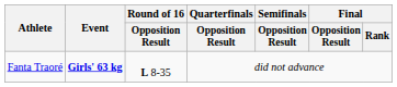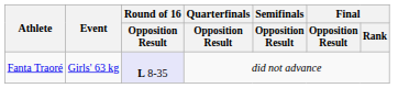 <table class="wikitable" style="font-size:90%;">
 <tr>
 <th rowspan=2>Athlete</th>
 <th rowspan=2>Event</th>
 <th>Round of 16</th>
 <th>Quarterfinals</th>
 <th>Semifinals</th>
 <th colspan=2>Final</th>
 </tr>
 <tr style="font-size:95%">
 <th>Opposition<br>Result</th>
 <th>Opposition<br>Result</th>
 <th>Opposition<br>Result</th>
 <th>Opposition<br>Result</th>
 <th>Rank</th>
 </tr>
 <tr align=center>
 <td align=left><a href='#'>Fanta Traoré</a></td>
-<td align=left><strong><a href='#'>Girls' 63 kg</a></strong></td>
-<td><br><strong>L</strong> 8-35</td>
+<td align=left><a href='#'>Girls' 63 kg</a></td>
+<td style="background: lavender;"><br><strong>L</strong> 8-35</td>
 <td Colspan=4><em>did not advance</em></td>
 </tr>
 </table>
